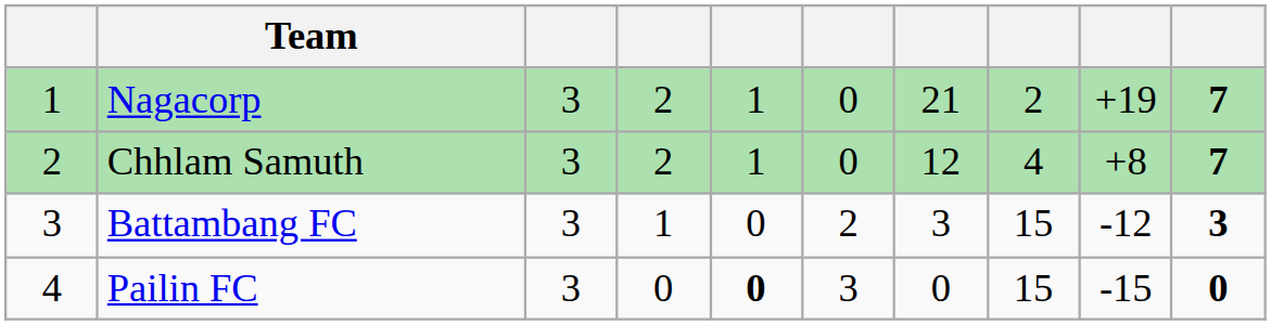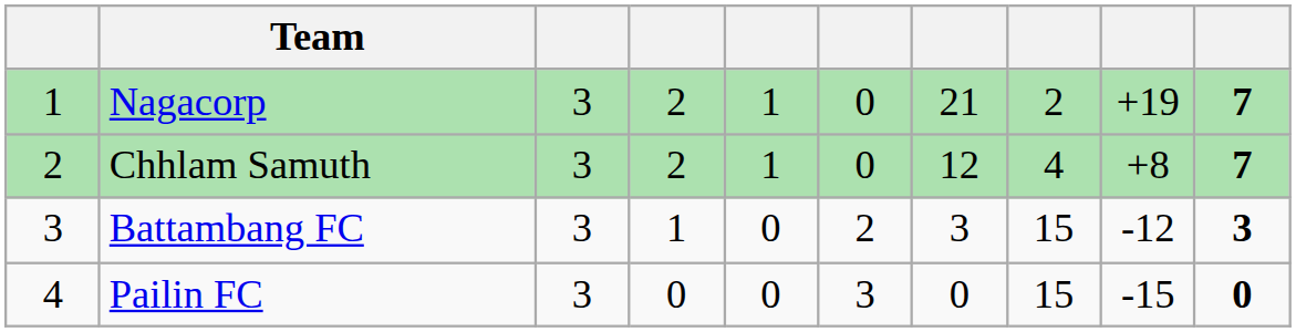 <table class="wikitable" style="text-align: center;">
 <tr>
 <th width=30></th>
 <th width=165>Team</th>
 <th width=30></th>
 <th width=30></th>
 <th width=30></th>
 <th width=30></th>
 <th width=30></th>
 <th width=30></th>
 <th width=30></th>
 <th width=30></th>
 </tr>
 <tr bgcolor=#ACE1AF>
 <td>1</td>
 <td align=left><a href='#'>Nagacorp</a></td>
 <td>3</td>
 <td>2</td>
 <td>1</td>
 <td>0</td>
 <td>21</td>
 <td>2</td>
 <td>+19</td>
 <td><strong>7</strong></td>
 </tr>
 <tr bgcolor=#ACE1AF>
 <td>2</td>
 <td align=left>Chhlam Samuth</td>
 <td>3</td>
 <td>2</td>
 <td>1</td>
 <td>0</td>
 <td>12</td>
 <td>4</td>
 <td>+8</td>
 <td><strong>7</strong></td>
 </tr>
 <tr>
 <td>3</td>
 <td align=left><a href='#'>Battambang FC</a></td>
 <td>3</td>
 <td>1</td>
 <td>0</td>
 <td>2</td>
 <td>3</td>
 <td>15</td>
 <td>-12</td>
 <td><strong>3</strong></td>
 </tr>
 <tr>
 <td>4</td>
 <td align=left><a href='#'>Pailin FC</a></td>
 <td>3</td>
 <td>0</td>
-<td><strong>0</strong></td>
+<td>0</td>
 <td>3</td>
 <td>0</td>
 <td>15</td>
 <td>-15</td>
 <td><strong>0</strong></td>
 </tr>
 </table>
